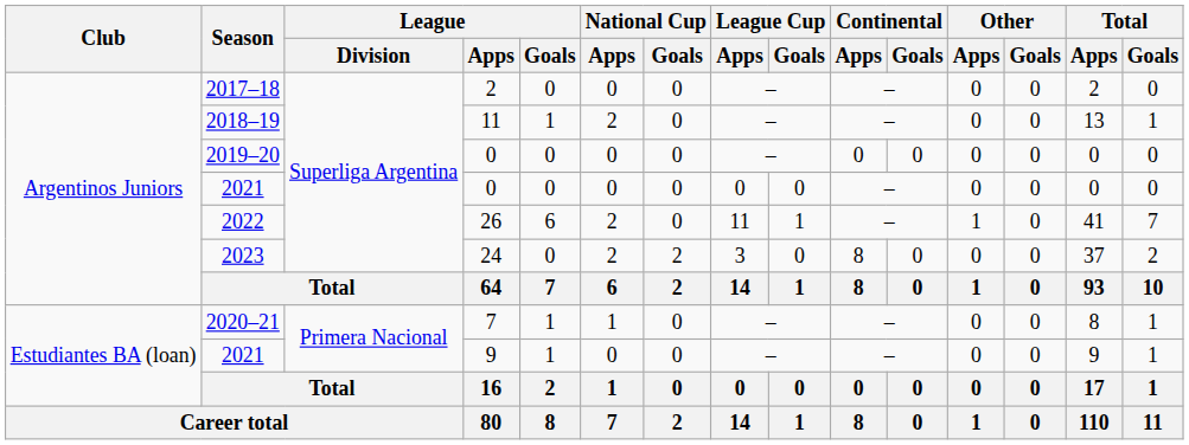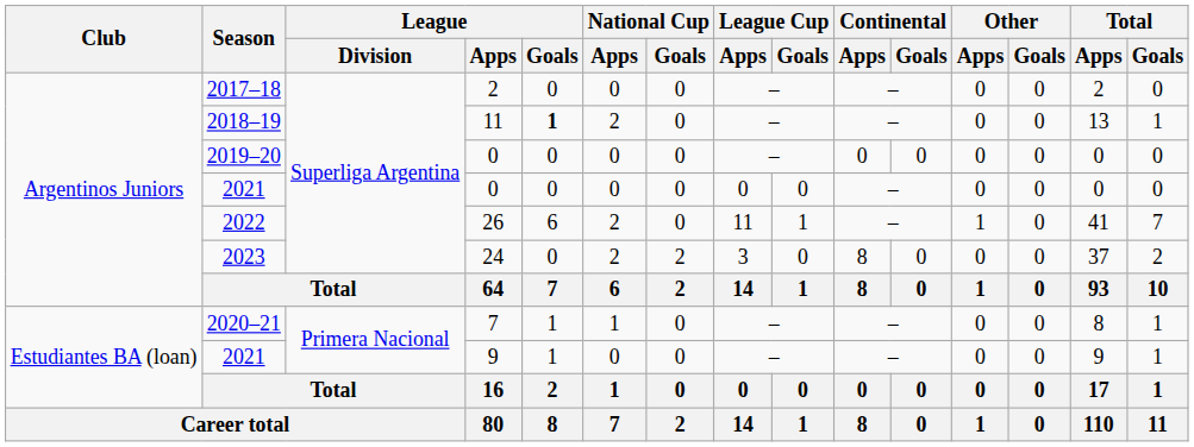 <table class=wikitable style=text-align:center>
 <tr>
 <th rowspan=2>Club</th>
 <th rowspan=2>Season</th>
 <th colspan=3>League</th>
 <th colspan=2>National Cup</th>
 <th colspan=2>League Cup</th>
 <th colspan=2>Continental</th>
 <th colspan=2>Other</th>
 <th colspan=2>Total</th>
 </tr>
 <tr>
 <th>Division</th>
 <th>Apps</th>
 <th>Goals</th>
 <th>Apps</th>
 <th>Goals</th>
 <th>Apps</th>
 <th>Goals</th>
 <th>Apps</th>
 <th>Goals</th>
 <th>Apps</th>
 <th>Goals</th>
 <th>Apps</th>
 <th>Goals</th>
 </tr>
 <tr>
 <td rowspan="7"><a href='#'>Argentinos Juniors</a></td>
 <td><a href='#'>2017–18</a></td>
 <td rowspan="6"><a href='#'>Superliga Argentina</a></td>
 <td>2</td>
 <td>0</td>
 <td>0</td>
 <td>0</td>
 <td colspan="2">–</td>
 <td colspan="2">–</td>
 <td>0</td>
 <td>0</td>
 <td>2</td>
 <td>0</td>
 </tr>
 <tr>
 <td><a href='#'>2018–19</a></td>
 <td>11</td>
-<td>1</td>
+<td><strong>1</strong></td>
 <td>2</td>
 <td>0</td>
 <td colspan="2">–</td>
 <td colspan="2">–</td>
 <td>0</td>
 <td>0</td>
 <td>13</td>
 <td>1</td>
 </tr>
 <tr>
 <td><a href='#'>2019–20</a></td>
 <td>0</td>
 <td>0</td>
 <td>0</td>
 <td>0</td>
 <td colspan="2">–</td>
 <td>0</td>
 <td>0</td>
 <td>0</td>
 <td>0</td>
 <td>0</td>
 <td>0</td>
 </tr>
 <tr>
 <td><a href='#'>2021</a></td>
 <td>0</td>
 <td>0</td>
 <td>0</td>
 <td>0</td>
 <td>0</td>
 <td>0</td>
 <td colspan="2">–</td>
 <td>0</td>
 <td>0</td>
 <td>0</td>
 <td>0</td>
 </tr>
 <tr>
 <td><a href='#'>2022</a></td>
 <td>26</td>
 <td>6</td>
 <td>2</td>
 <td>0</td>
 <td>11</td>
 <td>1</td>
 <td colspan="2">–</td>
 <td>1</td>
 <td>0</td>
 <td>41</td>
 <td>7</td>
 </tr>
 <tr>
 <td><a href='#'>2023</a></td>
 <td>24</td>
 <td>0</td>
 <td>2</td>
 <td>2</td>
 <td>3</td>
 <td>0</td>
 <td>8</td>
 <td>0</td>
 <td>0</td>
 <td>0</td>
 <td>37</td>
 <td>2</td>
 </tr>
 <tr>
 <th colspan=2>Total</th>
 <th>64</th>
 <th>7</th>
 <th>6</th>
 <th>2</th>
 <th>14</th>
 <th>1</th>
 <th>8</th>
 <th>0</th>
 <th>1</th>
 <th>0</th>
 <th>93</th>
 <th>10</th>
 </tr>
 <tr>
 <td rowspan="3"><a href='#'>Estudiantes BA</a> (loan)</td>
 <td><a href='#'>2020–21</a></td>
 <td rowspan="2"><a href='#'>Primera Nacional</a></td>
 <td>7</td>
 <td>1</td>
 <td>1</td>
 <td>0</td>
 <td colspan="2">–</td>
 <td colspan="2">–</td>
 <td>0</td>
 <td>0</td>
 <td>8</td>
 <td>1</td>
 </tr>
 <tr>
 <td><a href='#'>2021</a></td>
 <td>9</td>
 <td>1</td>
 <td>0</td>
 <td>0</td>
 <td colspan="2">–</td>
 <td colspan="2">–</td>
 <td>0</td>
 <td>0</td>
 <td>9</td>
 <td>1</td>
 </tr>
 <tr>
 <th colspan=2>Total</th>
 <th>16</th>
 <th>2</th>
 <th>1</th>
 <th>0</th>
 <th>0</th>
 <th>0</th>
 <th>0</th>
 <th>0</th>
 <th>0</th>
 <th>0</th>
 <th>17</th>
 <th>1</th>
 </tr>
 <tr>
 <th colspan=3>Career total</th>
 <th>80</th>
 <th>8</th>
 <th>7</th>
 <th>2</th>
 <th>14</th>
 <th>1</th>
 <th>8</th>
 <th>0</th>
 <th>1</th>
 <th>0</th>
 <th>110</th>
 <th>11</th>
 </tr>
 </table>
